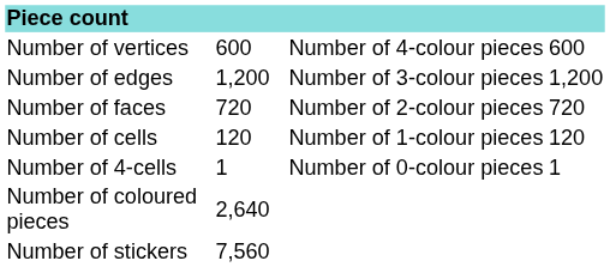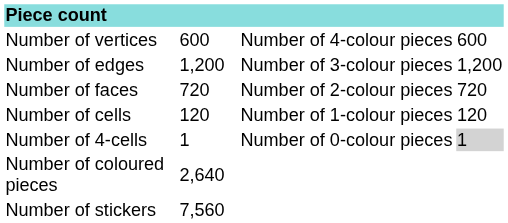 <table>
 <tr>
 <td colspan="4" style="background:#88DDDD;font-weight:bold;">Piece count</td>
 </tr>
 <tr>
 <td>Number of vertices</td>
 <td style="width:50px;">600</td>
 <td>Number of 4-colour pieces</td>
 <td>600</td>
 </tr>
 <tr>
 <td>Number of edges</td>
 <td>1,200</td>
 <td>Number of 3-colour pieces</td>
 <td>1,200</td>
 </tr>
 <tr>
 <td>Number of faces</td>
 <td>720</td>
 <td>Number of 2-colour pieces</td>
 <td>720</td>
 </tr>
 <tr>
 <td>Number of cells</td>
 <td>120</td>
 <td>Number of 1-colour pieces</td>
 <td>120</td>
 </tr>
 <tr>
 <td>Number of 4-cells</td>
 <td>1</td>
 <td>Number of 0-colour pieces</td>
-<td>1</td>
+<td style="background: lightgrey;">1</td>
 </tr>
 <tr>
 <td style="width:150px;">Number of coloured pieces</td>
 <td>2,640</td>
 </tr>
 <tr>
 <td>Number of stickers</td>
 <td>7,560</td>
 </tr>
 </table>
